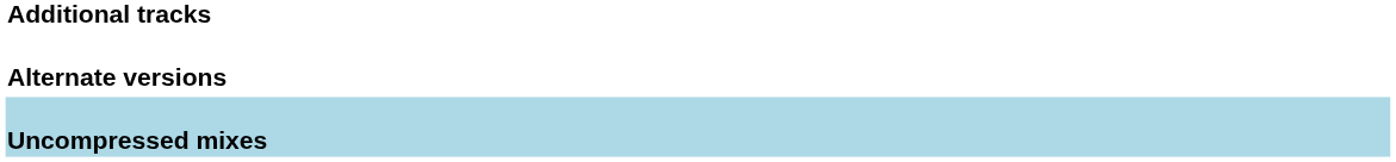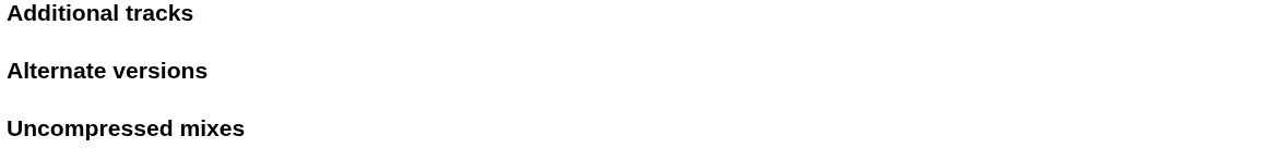 <table class="mw-collapsible mw-collapsed">
 <tr>
 <td><strong>Additional tracks</strong></td>
 </tr>
 <tr>
 <td style="width:1000em"><br><strong>Alternate versions</strong> </td>
 </tr>
 <tr>
-<td style="background: lightblue;"><br><strong>Uncompressed mixes</strong> </td>
+<td><br><strong>Uncompressed mixes</strong> </td>
 </tr>
 </table>
